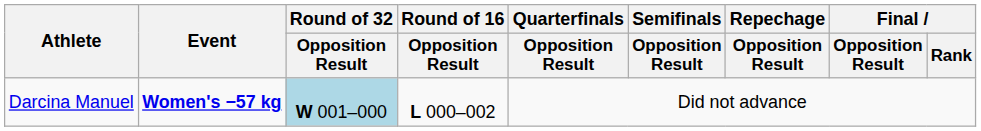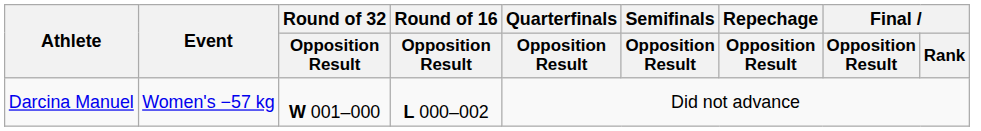 <table class="wikitable" style="font-size:90%">
 <tr>
 <th rowspan="2">Athlete</th>
 <th rowspan="2">Event</th>
 <th>Round of 32</th>
 <th>Round of 16</th>
 <th>Quarterfinals</th>
 <th>Semifinals</th>
 <th>Repechage</th>
 <th colspan=2>Final / </th>
 </tr>
 <tr style="font-size:95%">
 <th>Opposition<br>Result</th>
 <th>Opposition<br>Result</th>
 <th>Opposition<br>Result</th>
 <th>Opposition<br>Result</th>
 <th>Opposition<br>Result</th>
 <th>Opposition<br>Result</th>
 <th>Rank</th>
 </tr>
 <tr align=center>
 <td align=left><a href='#'>Darcina Manuel</a></td>
-<td align=left><strong><a href='#'>Women's −57 kg</a></strong></td>
-<td style="background: lightblue;"><br><strong>W</strong> 001–000</td>
+<td align=left><a href='#'>Women's −57 kg</a></td>
+<td><br><strong>W</strong> 001–000</td>
 <td><br><strong>L</strong> 000–002</td>
 <td colspan=5>Did not advance</td>
 </tr>
 </table>
